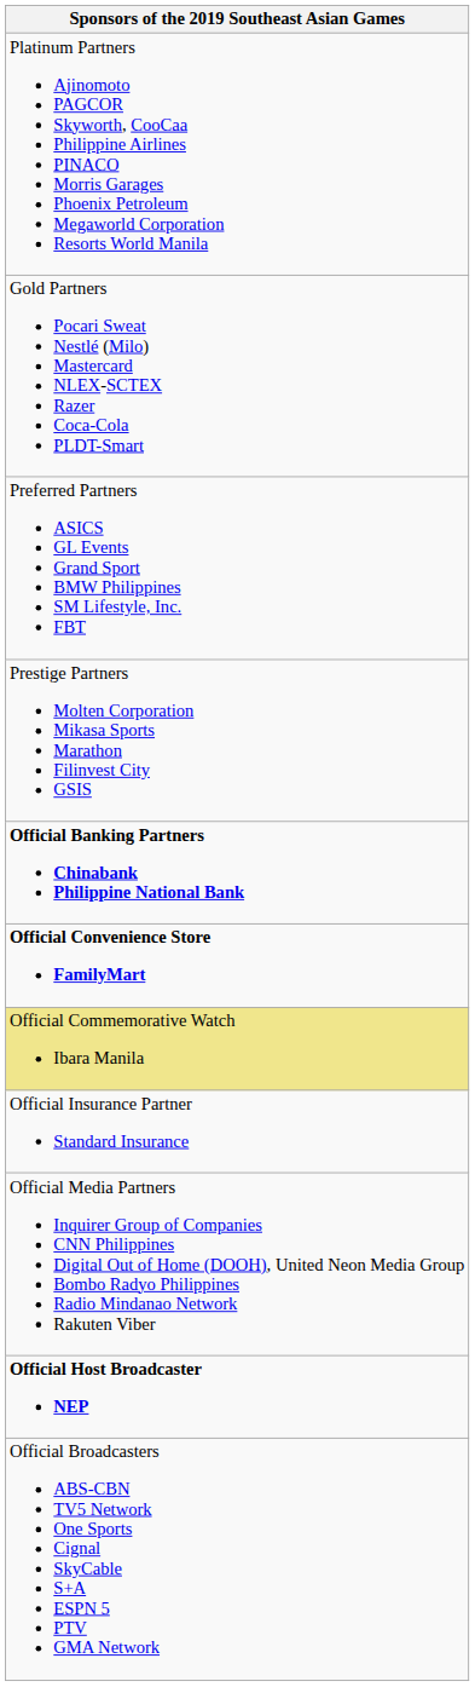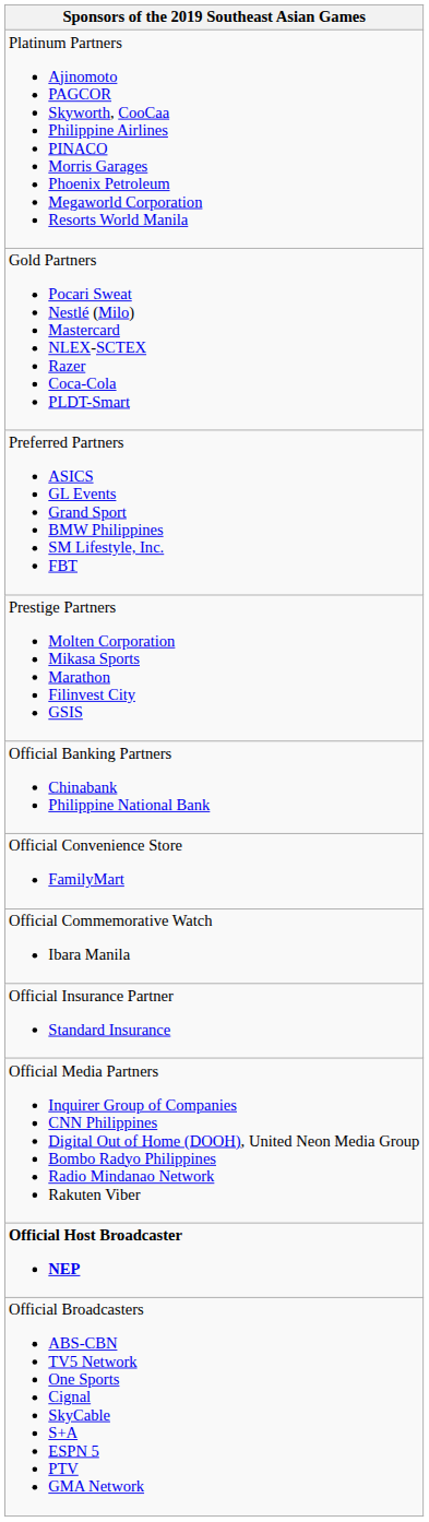 <table class="wikitable collapsible " style="float:center; margin:10px;">
 <tr>
 <th>Sponsors of the 2019 Southeast Asian Games</th>
 </tr>
 <tr>
 <td>Platinum Partners<br><ul><li><a href='#'>Ajinomoto</a></li><li><a href='#'>PAGCOR</a></li><li><a href='#'>Skyworth</a>, <a href='#'>CooCaa</a></li><li><a href='#'>Philippine Airlines</a></li><li><a href='#'>PINACO</a></li><li><a href='#'>Morris Garages</a></li><li><a href='#'>Phoenix Petroleum</a></li><li><a href='#'>Megaworld Corporation</a></li><li><a href='#'>Resorts World Manila</a></li></ul></td>
 </tr>
 <tr>
 <td>Gold Partners<br><ul><li><a href='#'>Pocari Sweat</a></li><li><a href='#'>Nestlé</a> (<a href='#'>Milo</a>)</li><li><a href='#'>Mastercard</a></li><li><a href='#'>NLEX</a>-<a href='#'>SCTEX</a></li><li><a href='#'>Razer</a></li><li><a href='#'>Coca-Cola</a></li><li><a href='#'>PLDT-Smart</a></li></ul></td>
 </tr>
 <tr>
 <td>Preferred Partners<br><ul><li><a href='#'>ASICS</a></li><li><a href='#'>GL Events</a></li><li><a href='#'>Grand Sport</a></li><li><a href='#'>BMW Philippines</a></li><li><a href='#'>SM Lifestyle, Inc.</a></li><li><a href='#'>FBT</a></li></ul></td>
 </tr>
 <tr>
 <td>Prestige Partners<br><ul><li><a href='#'>Molten Corporation</a></li><li><a href='#'>Mikasa Sports</a></li><li><a href='#'>Marathon</a></li><li><a href='#'>Filinvest City</a></li><li><a href='#'>GSIS</a></li></ul></td>
 </tr>
 <tr>
-<td><strong>Official Banking Partners<br><ul><li><a href='#'>Chinabank</a></li><li><a href='#'>Philippine National Bank</a></li></ul></strong></td>
+<td>Official Banking Partners<br><ul><li><a href='#'>Chinabank</a></li><li><a href='#'>Philippine National Bank</a></li></ul></td>
 </tr>
 <tr>
-<td><strong>Official Convenience Store<br><ul><li><a href='#'>FamilyMart</a></li></ul></strong></td>
+<td>Official Convenience Store<br><ul><li><a href='#'>FamilyMart</a></li></ul></td>
 </tr>
 <tr>
-<td style="background: khaki;">Official Commemorative Watch<br><ul><li>Ibara Manila</li></ul></td>
+<td>Official Commemorative Watch<br><ul><li>Ibara Manila</li></ul></td>
 </tr>
 <tr>
 <td>Official Insurance Partner<br><ul><li><a href='#'>Standard Insurance</a></li></ul></td>
 </tr>
 <tr>
 <td>Official Media Partners<br><ul><li><a href='#'>Inquirer Group of Companies</a></li><li><a href='#'>CNN Philippines</a></li><li><a href='#'>Digital Out of Home (DOOH)</a>, United Neon Media Group</li><li><a href='#'>Bombo Radyo Philippines</a></li><li><a href='#'>Radio Mindanao Network</a></li><li>Rakuten Viber</li></ul></td>
 </tr>
 <tr>
 <td><strong>Official Host Broadcaster<br><ul><li><a href='#'>NEP</a></li></ul></strong></td>
 </tr>
 <tr>
 <td>Official Broadcasters<br><ul><li><a href='#'>ABS-CBN</a></li><li><a href='#'>TV5 Network</a></li><li><a href='#'>One Sports</a></li><li><a href='#'>Cignal</a></li><li><a href='#'>SkyCable</a></li><li><a href='#'>S+A</a></li><li><a href='#'>ESPN 5</a></li><li><a href='#'>PTV</a></li><li><a href='#'>GMA Network</a></li></ul></td>
 </tr>
 </table>
